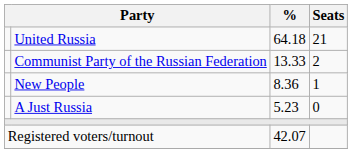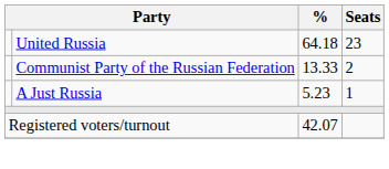 <table class="wikitable">
 <tr>
 <th colspan=2>Party</th>
 <th>%</th>
 <th>Seats</th>
 </tr>
 <tr>
 <td style="background:"></td>
 <td><a href='#'>United Russia</a></td>
 <td>64.18</td>
-<td>21</td>
+<td>23</td>
 </tr>
 <tr>
 <td style="background:"></td>
 <td><a href='#'>Communist Party of the Russian Federation</a></td>
 <td>13.33</td>
 <td>2</td>
 </tr>
 <tr>
 <td style="background:"></td>
-<td><a href='#'>New People</a></td>
-<td>8.36</td>
-<td>1</td>
-</tr>
-<tr>
-<td style="background:"></td>
 <td><a href='#'>A Just Russia</a></td>
 <td>5.23</td>
-<td>0</td>
+<td>1</td>
 </tr>
 <tr>
 <td colspan=4 style="background:#E9E9E9;"></td>
 </tr>
 <tr>
 <td align=left colspan=2>Registered voters/turnout</td>
 <td>42.07</td>
 <td></td>
 </tr>
 <tr>
 </tr>
 </table>
